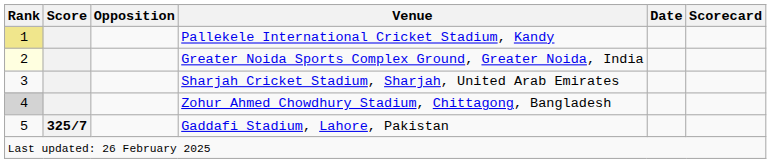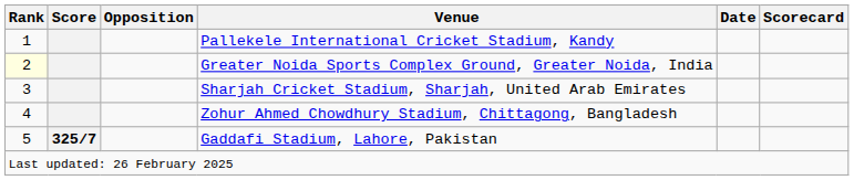 <table class="wikitable plainrowheaders sortable">
 <tr>
 <th scope=col>Rank</th>
 <th scope=col>Score</th>
 <th scope=col>Opposition</th>
 <th scope=col>Venue</th>
 <th scope=col>Date</th>
 <th scope=col>Scorecard</th>
 </tr>
 <tr>
-<td align="center" style="background: khaki;">1</td>
+<td align="center">1</td>
 <th scope="row" style="text-align:center;"></th>
 <td></td>
 <td><a href='#'>Pallekele International Cricket Stadium</a>, <a href='#'>Kandy</a></td>
 <td></td>
 <td></td>
 </tr>
 <tr>
 <td align="center" style="background: lightyellow;">2</td>
 <th scope="row" style="text-align:center;"></th>
 <td></td>
 <td><a href='#'>Greater Noida Sports Complex Ground</a>, <a href='#'>Greater Noida</a>, India</td>
 <td></td>
 <td></td>
 </tr>
 <tr>
 <td align="center">3</td>
 <th scope="row" style="text-align:center;"></th>
 <td></td>
 <td><a href='#'>Sharjah Cricket Stadium</a>, <a href='#'>Sharjah</a>, United Arab Emirates</td>
 <td></td>
 <td></td>
 </tr>
 <tr>
-<td align="center" style="background: lightgrey;">4</td>
+<td align="center">4</td>
 <th scope="row" style="text-align:center;"></th>
 <td></td>
 <td><a href='#'>Zohur Ahmed Chowdhury Stadium</a>, <a href='#'>Chittagong</a>, Bangladesh</td>
 <td></td>
 <td></td>
 </tr>
 <tr>
 <td align="center">5</td>
 <th scope="row" style="text-align:center;">325/7</th>
 <td></td>
 <td><a href='#'>Gaddafi Stadium</a>, <a href='#'>Lahore</a>, Pakistan</td>
 <td></td>
 <td></td>
 </tr>
 <tr class="sortbottom">
 <td colspan="6"><small>Last updated: 26 February 2025</small></td>
 </tr>
 </table>
